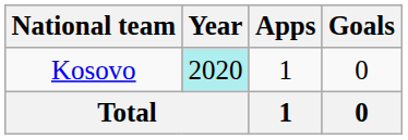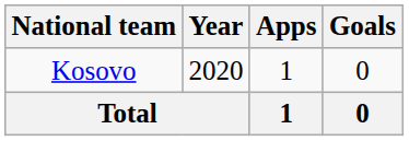 <table class=wikitable style="text-align: center;">
 <tr>
 <th>National team</th>
 <th>Year</th>
 <th>Apps</th>
 <th>Goals</th>
 </tr>
 <tr>
 <td><a href='#'>Kosovo</a></td>
-<td style="background: paleturquoise;">2020</td>
+<td>2020</td>
 <td>1</td>
 <td>0</td>
 </tr>
 <tr>
 <th colspan=2>Total</th>
 <th>1</th>
 <th>0</th>
 </tr>
 </table>
